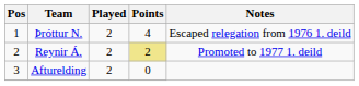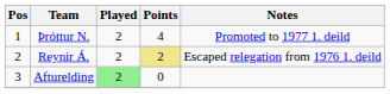 <table class="wikitable" style="text-align: center;">
 <tr>
 <th>Pos</th>
 <th>Team</th>
 <th>Played</th>
 <th>Points</th>
 <th>Notes</th>
 </tr>
 <tr>
 <td>1</td>
 <td><a href='#'>Þróttur N.</a></td>
 <td>2</td>
 <td>4</td>
-<td>Escaped <a href='#'>relegation</a> from <a href='#'>1976 1. deild</a></td>
+<td align="center" rowspan="1"><a href='#'>Promoted</a> to <a href='#'>1977 1. deild</a></td>
 </tr>
 <tr>
 <td>2</td>
 <td><a href='#'>Reynir Á.</a></td>
 <td>2</td>
 <td style="background: khaki;">2</td>
-<td align="center" rowspan="1"><a href='#'>Promoted</a> to <a href='#'>1977 1. deild</a></td>
+<td>Escaped <a href='#'>relegation</a> from <a href='#'>1976 1. deild</a></td>
 </tr>
 <tr>
 <td>3</td>
 <td><a href='#'>Afturelding</a></td>
-<td>2</td>
+<td style="background: lightgreen;">2</td>
 <td>0</td>
 </tr>
 <tr>
 </tr>
 </table>
